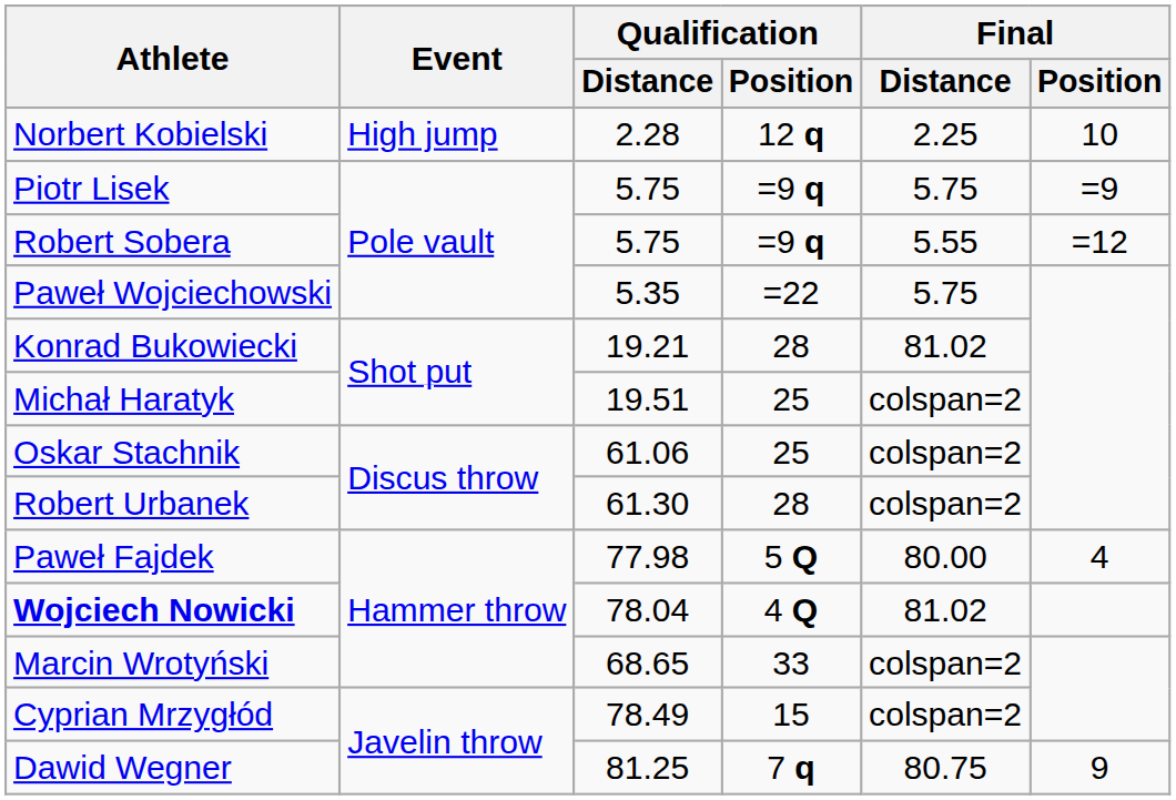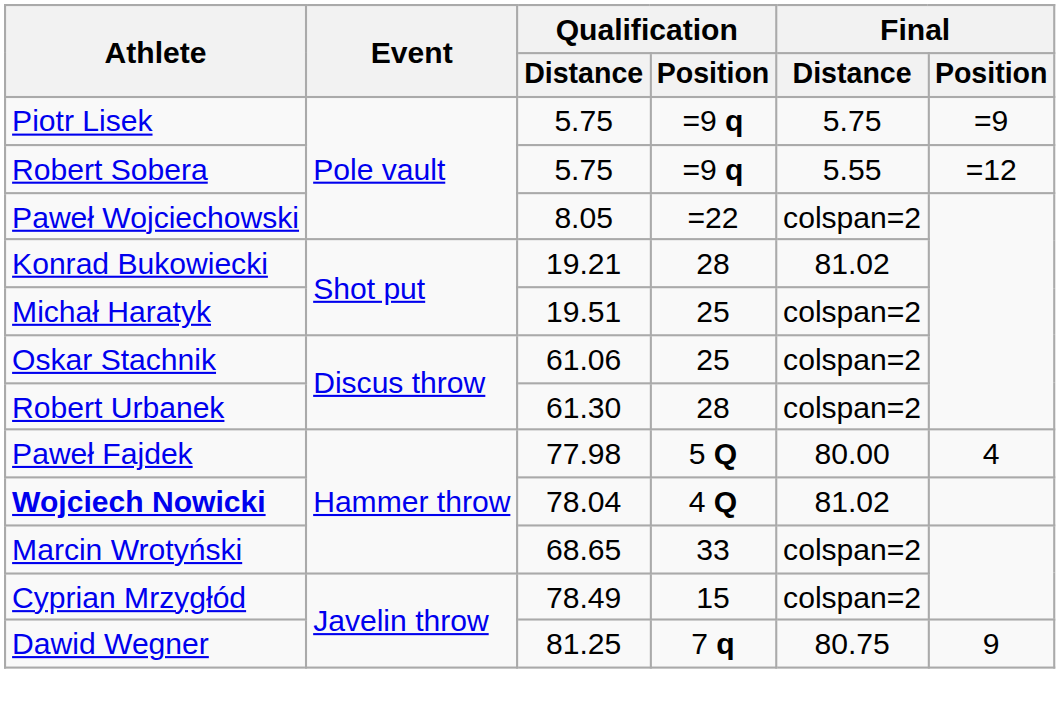 <table class=wikitable style=font-size:90%>
 <tr>
 <th rowspan=2>Athlete</th>
 <th rowspan=2>Event</th>
 <th colspan=2>Qualification</th>
 <th colspan=2>Final</th>
 </tr>
 <tr style=font-size:95%>
 <th>Distance</th>
 <th>Position</th>
 <th>Distance</th>
 <th>Position</th>
-</tr>
-<tr align=center>
-<td align=left><a href='#'>Norbert Kobielski</a></td>
-<td align=left><a href='#'>High jump</a></td>
-<td>2.28 </td>
-<td>12 <strong>q</strong></td>
-<td>2.25</td>
-<td>10</td>
 </tr>
 <tr align=center>
 <td align=left><a href='#'>Piotr Lisek</a></td>
 <td align=left rowspan=3><a href='#'>Pole vault</a></td>
 <td>5.75</td>
 <td>=9 <strong>q</strong></td>
 <td>5.75</td>
 <td>=9</td>
 </tr>
 <tr align=center>
 <td align=left><a href='#'>Robert Sobera</a></td>
 <td>5.75 </td>
 <td>=9 <strong>q</strong></td>
 <td>5.55</td>
 <td>=12</td>
 </tr>
 <tr align=center>
 <td align=left><a href='#'>Paweł Wojciechowski</a></td>
-<td>5.35</td>
+<td>8.05</td>
 <td>=22</td>
-<td>5.75</td>
+<td>colspan=2 </td>
 </tr>
 <tr align=center>
 <td align=left><a href='#'>Konrad Bukowiecki</a></td>
 <td align=left rowspan=2><a href='#'>Shot put</a></td>
 <td>19.21</td>
 <td>28</td>
 <td>81.02</td>
 </tr>
 <tr align=center>
 <td align=left><a href='#'>Michał Haratyk</a></td>
 <td>19.51</td>
 <td>25</td>
 <td>colspan=2 </td>
 </tr>
 <tr align=center>
 <td align=left><a href='#'>Oskar Stachnik</a></td>
 <td align=left rowspan=2><a href='#'>Discus throw</a></td>
 <td>61.06</td>
 <td>25</td>
 <td>colspan=2 </td>
 </tr>
 <tr align=center>
 <td align=left><a href='#'>Robert Urbanek</a></td>
 <td>61.30</td>
 <td>28</td>
 <td>colspan=2 </td>
 </tr>
 <tr align=center>
 <td align=left><a href='#'>Paweł Fajdek</a></td>
 <td align=left rowspan=3><a href='#'>Hammer throw</a></td>
 <td>77.98</td>
 <td>5 <strong>Q</strong></td>
 <td>80.00 </td>
 <td>4</td>
 </tr>
 <tr align=center>
 <td align=left><strong><a href='#'>Wojciech Nowicki</a></strong></td>
 <td>78.04</td>
 <td>4 <strong>Q</strong></td>
 <td>81.02</td>
 <td></td>
 </tr>
 <tr align=center>
 <td align=left><a href='#'>Marcin Wrotyński</a></td>
 <td>68.65</td>
 <td>33</td>
 <td>colspan=2 </td>
 </tr>
 <tr align=center>
 <td align=left><a href='#'>Cyprian Mrzygłód</a></td>
 <td align=left rowspan=2><a href='#'>Javelin throw</a></td>
 <td>78.49</td>
 <td>15</td>
 <td>colspan=2 </td>
 </tr>
 <tr align=center>
 <td align=left><a href='#'>Dawid Wegner</a></td>
 <td>81.25</td>
 <td>7 <strong>q</strong></td>
 <td>80.75</td>
 <td>9</td>
 </tr>
 </table>
